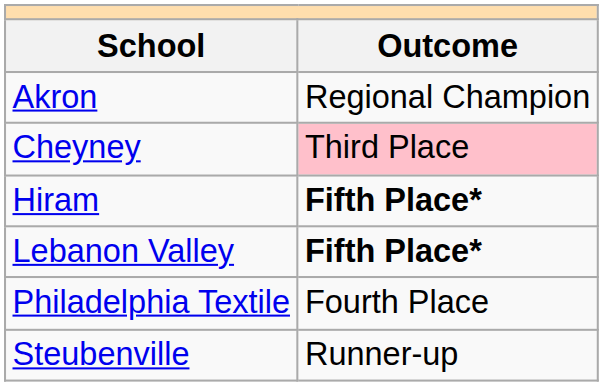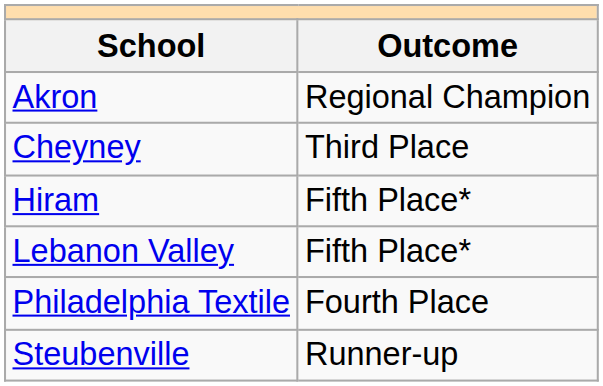 <table class="wikitable">
 <tr>
 <th colspan="3" style="background:#ffdead;"></th>
 </tr>
 <tr>
 <th>School</th>
 <th>Outcome</th>
 </tr>
 <tr>
 <td><a href='#'>Akron</a></td>
 <td>Regional Champion</td>
 </tr>
 <tr>
 <td><a href='#'>Cheyney</a></td>
-<td style="background: pink;">Third Place</td>
+<td>Third Place</td>
 </tr>
 <tr>
 <td><a href='#'>Hiram</a></td>
-<td><strong>Fifth Place*</strong></td>
+<td>Fifth Place*</td>
 </tr>
 <tr>
 <td><a href='#'>Lebanon Valley</a></td>
-<td><strong>Fifth Place*</strong></td>
+<td>Fifth Place*</td>
 </tr>
 <tr>
 <td><a href='#'>Philadelphia Textile</a></td>
 <td>Fourth Place</td>
 </tr>
 <tr>
 <td><a href='#'>Steubenville</a></td>
 <td>Runner-up</td>
 </tr>
 </table>
